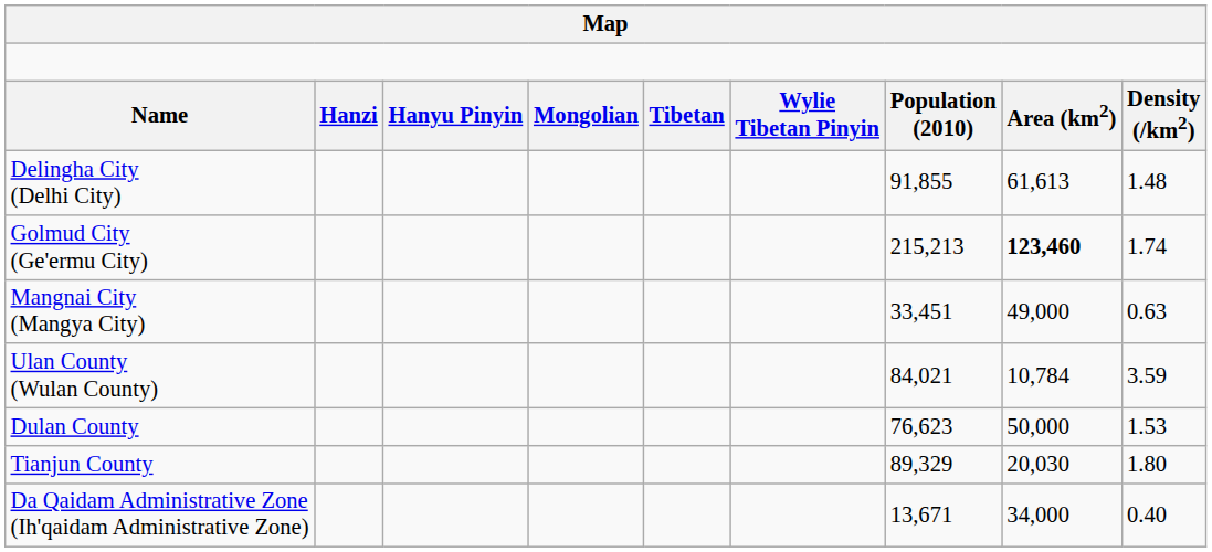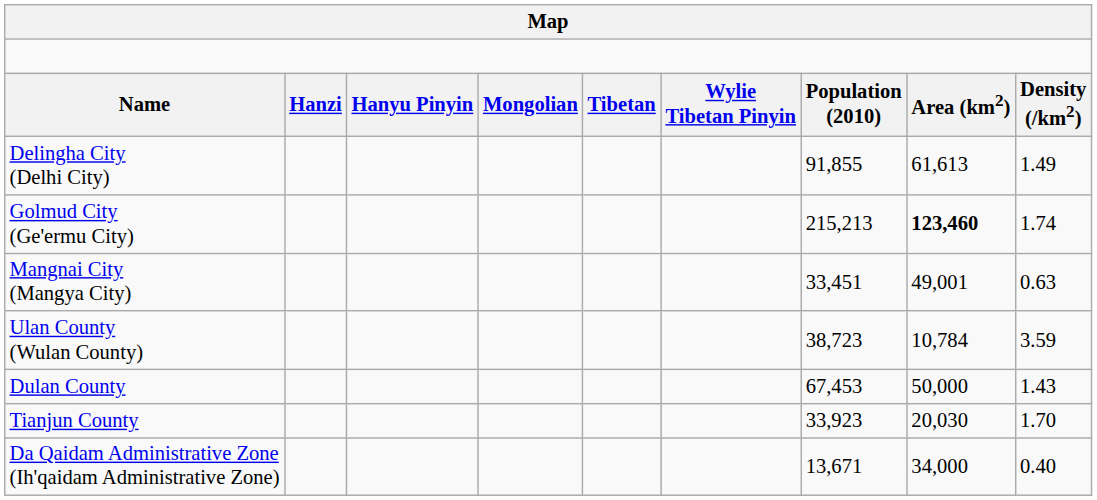 <table class="wikitable"  style="font-size:90%;" align=center>
 <tr>
 <th colspan="10" align="center">Map</th>
 </tr>
 <tr>
 <td colspan="10" align="center"><div><br>           </div></td>
 </tr>
 <tr>
 <th>Name</th>
 <th><a href='#'>Hanzi</a></th>
 <th><a href='#'>Hanyu Pinyin</a></th>
 <th><a href='#'>Mongolian</a><br></th>
 <th><a href='#'>Tibetan</a></th>
 <th><a href='#'>Wylie</a><br><a href='#'>Tibetan Pinyin</a></th>
 <th>Population<br>(2010)</th>
 <th>Area (km<sup>2</sup>)</th>
 <th>Density<br>(/km<sup>2</sup>)</th>
 </tr>
 <tr>
 <td><a href='#'>Delingha City</a><br>(Delhi City)</td>
 <td></td>
 <td></td>
 <td><br></td>
 <td></td>
 <td><br></td>
 <td>91,855</td>
 <td>61,613</td>
-<td>1.48</td>
+<td>1.49</td>
 </tr>
 <tr>
 <td><a href='#'>Golmud City</a><br>(Ge'ermu City)</td>
 <td></td>
 <td></td>
 <td><br></td>
 <td></td>
 <td><br></td>
 <td>215,213</td>
 <td><strong>123,460</strong></td>
 <td>1.74</td>
 </tr>
 <tr>
 <td><a href='#'>Mangnai City</a><br>(Mangya City)</td>
 <td></td>
 <td></td>
 <td><br></td>
 <td></td>
 <td><br></td>
 <td>33,451</td>
-<td>49,000</td>
+<td>49,001</td>
 <td>0.63</td>
 </tr>
 <tr>
 <td><a href='#'>Ulan County</a><br>(Wulan County)</td>
 <td></td>
 <td></td>
 <td><br></td>
 <td></td>
 <td><br></td>
-<td>84,021</td>
+<td>38,723</td>
 <td>10,784</td>
 <td>3.59</td>
 </tr>
 <tr>
 <td><a href='#'>Dulan County</a></td>
 <td></td>
 <td></td>
 <td><br></td>
 <td></td>
 <td><br></td>
-<td>76,623</td>
+<td>67,453</td>
 <td>50,000</td>
-<td>1.53</td>
+<td>1.43</td>
 </tr>
 <tr>
 <td><a href='#'>Tianjun County</a></td>
 <td></td>
 <td></td>
 <td><br></td>
 <td></td>
 <td><br></td>
-<td>89,329</td>
+<td>33,923</td>
 <td>20,030</td>
-<td>1.80</td>
+<td>1.70</td>
 </tr>
 <tr>
 <td><a href='#'>Da Qaidam Administrative Zone</a><br>(Ih'qaidam Administrative Zone)</td>
 <td></td>
 <td></td>
 <td><br></td>
 <td></td>
 <td></td>
 <td>13,671</td>
 <td>34,000</td>
 <td>0.40</td>
 </tr>
 </table>
